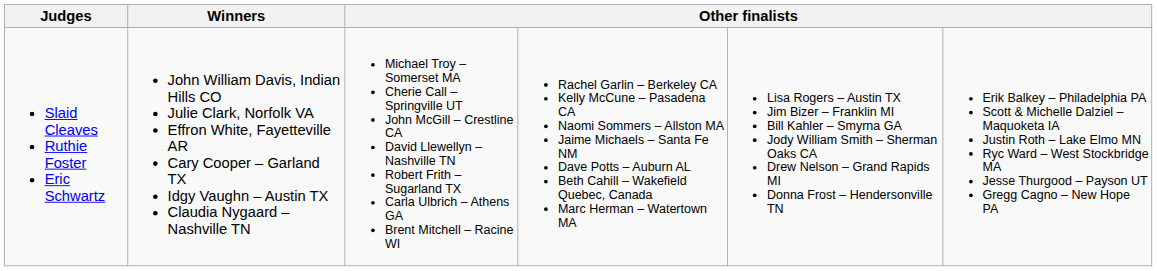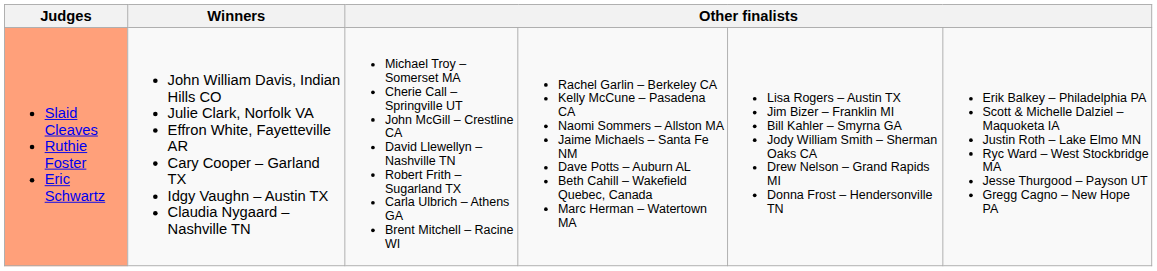 <table class="wikitable mw-collapsible mw-collapsed" style="text-align:left">
 <tr>
 <th>Judges</th>
 <th>Winners</th>
 <th colspan="4" align="center">Other finalists</th>
 </tr>
 <tr>
-<td><br><ul><li><a href='#'>Slaid Cleaves</a></li><li><a href='#'>Ruthie Foster</a></li><li><a href='#'>Eric Schwartz</a></li></ul></td>
+<td style="background: lightsalmon;"><br><ul><li><a href='#'>Slaid Cleaves</a></li><li><a href='#'>Ruthie Foster</a></li><li><a href='#'>Eric Schwartz</a></li></ul></td>
 <td><br><ul><li>John William Davis, Indian Hills CO</li><li>Julie Clark, Norfolk VA</li><li>Effron White, Fayetteville AR</li><li>Cary Cooper – Garland TX</li><li>Idgy Vaughn – Austin TX</li><li>Claudia Nygaard – Nashville TN</li></ul></td>
 <td style="font-size:85%"><br><ul><li>Michael Troy – Somerset MA</li><li>Cherie Call – Springville UT</li><li>John McGill – Crestline CA</li><li>David Llewellyn – Nashville TN</li><li>Robert Frith – Sugarland TX</li><li>Carla Ulbrich – Athens GA</li><li>Brent Mitchell – Racine WI</li></ul></td>
 <td style="font-size:85%"><br><ul><li>Rachel Garlin – Berkeley CA</li><li>Kelly McCune – Pasadena CA</li><li>Naomi Sommers – Allston MA</li><li>Jaime Michaels – Santa Fe NM</li><li>Dave Potts – Auburn AL</li><li>Beth Cahill – Wakefield Quebec, Canada</li><li>Marc Herman – Watertown MA</li></ul></td>
 <td style="font-size:85%"><br><ul><li>Lisa Rogers – Austin TX</li><li>Jim Bizer – Franklin MI</li><li>Bill Kahler – Smyrna GA</li><li>Jody William Smith – Sherman Oaks CA</li><li>Drew Nelson – Grand Rapids MI</li><li>Donna Frost – Hendersonville TN</li></ul></td>
 <td style="font-size:85%"><br><ul><li>Erik Balkey – Philadelphia PA</li><li>Scott & Michelle Dalziel – Maquoketa IA</li><li>Justin Roth – Lake Elmo MN</li><li>Ryc Ward – West Stockbridge MA</li><li>Jesse Thurgood – Payson UT</li><li>Gregg Cagno – New Hope PA</li></ul></td>
 </tr>
 </table>
